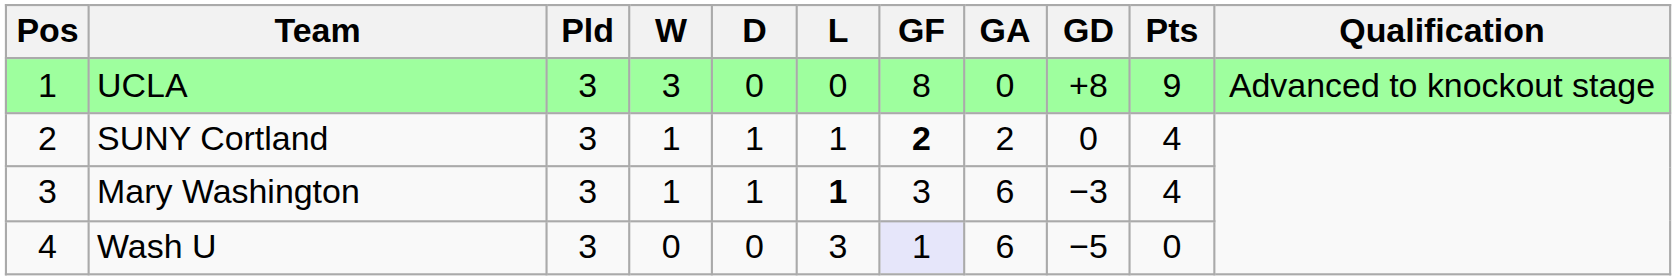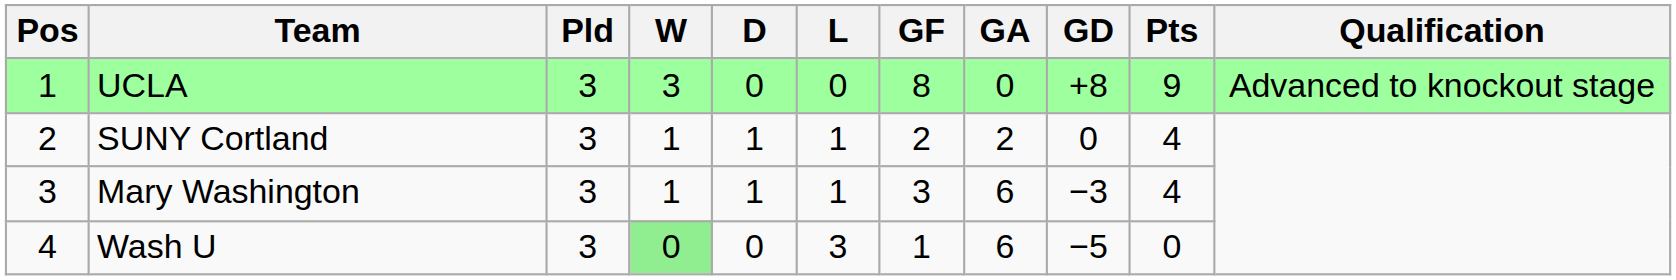 <table class="wikitable" style="text-align:center; margin: 1em auto">
 <tr>
 <th style="width:2em">Pos</th>
 <th style="width:13em">Team</th>
 <th style="width:2em">Pld</th>
 <th style="width:2em">W</th>
 <th style="width:2em">D</th>
 <th style="width:2em">L</th>
 <th style="width:2em">GF</th>
 <th style="width:2em">GA</th>
 <th style="width:2em">GD</th>
 <th style="width:2em">Pts</th>
 <th style="width:13em">Qualification</th>
 </tr>
 <tr bgcolor="#9eff9e">
 <td>1</td>
 <td style="text-align:left">UCLA</td>
 <td>3</td>
 <td>3</td>
 <td>0</td>
 <td>0</td>
 <td>8</td>
 <td>0</td>
 <td>+8</td>
 <td>9</td>
 <td>Advanced to knockout stage</td>
 </tr>
 <tr>
 <td>2</td>
 <td style="text-align:left">SUNY Cortland</td>
 <td>3</td>
 <td>1</td>
 <td>1</td>
 <td>1</td>
-<td><strong>2</strong></td>
+<td>2</td>
 <td>2</td>
 <td>0</td>
 <td>4</td>
 </tr>
 <tr>
 <td>3</td>
 <td style="text-align:left">Mary Washington</td>
 <td>3</td>
 <td>1</td>
 <td>1</td>
-<td><strong>1</strong></td>
+<td>1</td>
 <td>3</td>
 <td>6</td>
 <td>−3</td>
 <td>4</td>
 </tr>
 <tr>
 <td>4</td>
 <td style="text-align:left">Wash U</td>
 <td>3</td>
-<td>0</td>
+<td style="background: lightgreen;">0</td>
 <td>0</td>
 <td>3</td>
-<td style="background: lavender;">1</td>
+<td>1</td>
 <td>6</td>
 <td>−5</td>
 <td>0</td>
 </tr>
 </table>
